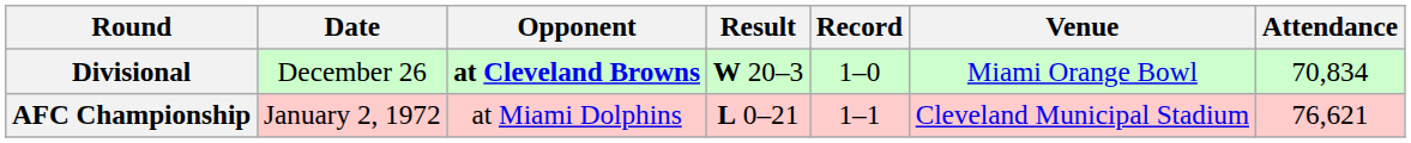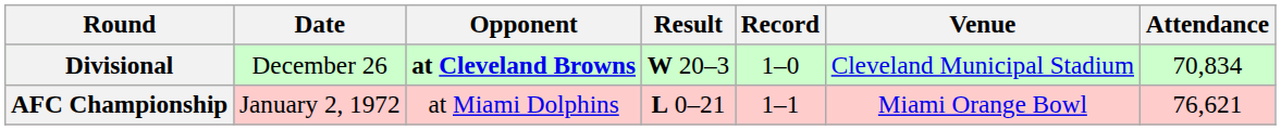 <table class="wikitable" style="text-align:center">
 <tr>
 <th>Round</th>
 <th>Date</th>
 <th>Opponent</th>
 <th>Result</th>
 <th>Record</th>
 <th>Venue</th>
 <th>Attendance</th>
 </tr>
 <tr style="background:#cfc">
 <th>Divisional</th>
 <td>December 26</td>
 <td><strong>at <a href='#'>Cleveland Browns</a></strong></td>
 <td><strong>W</strong> 20–3</td>
 <td>1–0</td>
-<td><a href='#'>Miami Orange Bowl</a></td>
+<td><a href='#'>Cleveland Municipal Stadium</a></td>
 <td>70,834</td>
 </tr>
 <tr style="background:#fcc">
 <th>AFC Championship</th>
 <td>January 2, 1972</td>
 <td>at <a href='#'>Miami Dolphins</a></td>
 <td><strong>L</strong> 0–21</td>
 <td>1–1</td>
-<td><a href='#'>Cleveland Municipal Stadium</a></td>
+<td><a href='#'>Miami Orange Bowl</a></td>
 <td>76,621</td>
 </tr>
 </table>
